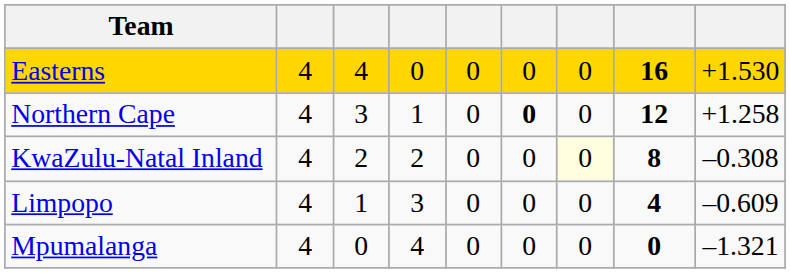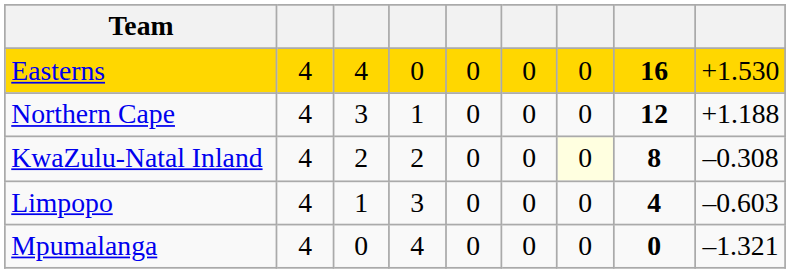 <table class="wikitable" style="text-align:center">
 <tr>
 <th width="150">Team</th>
 <th width="25"></th>
 <th width="25"></th>
 <th width="25"></th>
 <th width="25"></th>
 <th width="25"></th>
 <th width="25"></th>
 <th width="40"></th>
 <th width="45"></th>
 </tr>
 <tr style="background:gold">
 <td style="text-align:left"><a href='#'>Easterns</a></td>
 <td>4</td>
 <td>4</td>
 <td>0</td>
 <td>0</td>
 <td>0</td>
 <td>0</td>
 <td><strong>16</strong></td>
 <td>+1.530</td>
 </tr>
 <tr>
 <td style="text-align:left"><a href='#'>Northern Cape</a></td>
 <td>4</td>
 <td>3</td>
 <td>1</td>
 <td>0</td>
-<td><strong>0</strong></td>
+<td>0</td>
 <td>0</td>
 <td><strong>12</strong></td>
-<td>+1.258</td>
+<td>+1.188</td>
 </tr>
 <tr>
 <td style="text-align:left"><a href='#'>KwaZulu-Natal Inland</a></td>
 <td>4</td>
 <td>2</td>
 <td>2</td>
 <td>0</td>
 <td>0</td>
 <td style="background: lightyellow;">0</td>
 <td><strong>8</strong></td>
 <td>–0.308</td>
 </tr>
 <tr>
 <td style="text-align:left"><a href='#'>Limpopo</a></td>
 <td>4</td>
 <td>1</td>
 <td>3</td>
 <td>0</td>
 <td>0</td>
 <td>0</td>
 <td><strong>4</strong></td>
-<td>–0.609</td>
+<td>–0.603</td>
 </tr>
 <tr>
 <td style="text-align:left"><a href='#'>Mpumalanga</a></td>
 <td>4</td>
 <td>0</td>
 <td>4</td>
 <td>0</td>
 <td>0</td>
 <td>0</td>
 <td><strong>0</strong></td>
 <td>–1.321</td>
 </tr>
 </table>
